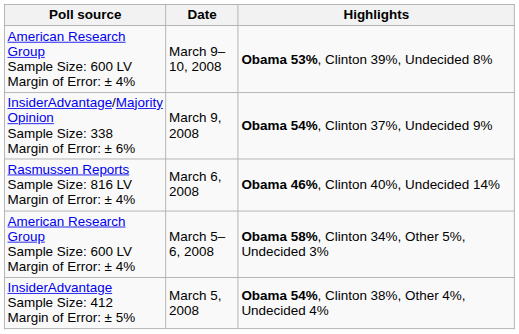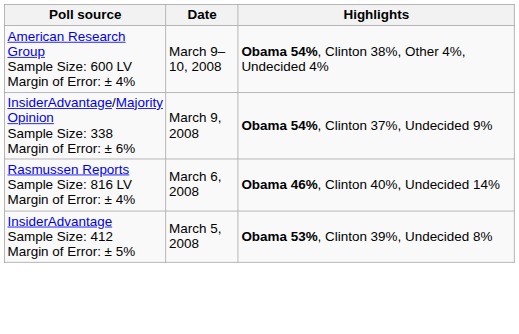 <table class="wikitable sortable">
 <tr>
 <th width="25%">Poll source</th>
 <th width="15%">Date</th>
 <th width="60%">Highlights</th>
 </tr>
 <tr>
 <td><a href='#'>American Research Group</a><br>Sample Size: 600 LV<br> Margin of Error: ± 4%</td>
 <td>March 9–10, 2008</td>
-<td><strong>Obama 53%</strong>, Clinton 39%, Undecided 8%</td>
+<td><strong>Obama 54%</strong>, Clinton 38%, Other 4%, Undecided 4%</td>
 </tr>
 <tr>
 <td><a href='#'>InsiderAdvantage</a>/<a href='#'>Majority Opinion</a><br>Sample Size: 338<br> Margin of Error: ± 6%</td>
 <td>March 9, 2008</td>
 <td><strong>Obama  54%</strong>, Clinton 37%, Undecided 9%</td>
 </tr>
 <tr>
 <td><a href='#'>Rasmussen Reports</a><br>Sample Size: 816 LV<br> Margin of Error: ± 4%</td>
 <td>March 6, 2008</td>
 <td><strong>Obama  46%</strong>, Clinton 40%, Undecided 14%</td>
 </tr>
 <tr>
-<td><a href='#'>American Research Group</a><br>Sample Size: 600 LV<br> Margin of Error: ± 4%</td>
-<td>March 5–6, 2008</td>
-<td><strong>Obama 58%</strong>, Clinton 34%, Other 5%, Undecided 3%</td>
-</tr>
-<tr>
 <td><a href='#'>InsiderAdvantage</a><br>Sample Size: 412<br> Margin of Error: ± 5%</td>
 <td>March 5, 2008</td>
-<td><strong>Obama 54%</strong>, Clinton 38%, Other 4%, Undecided 4%</td>
+<td><strong>Obama 53%</strong>, Clinton 39%, Undecided 8%</td>
 </tr>
 </table>
